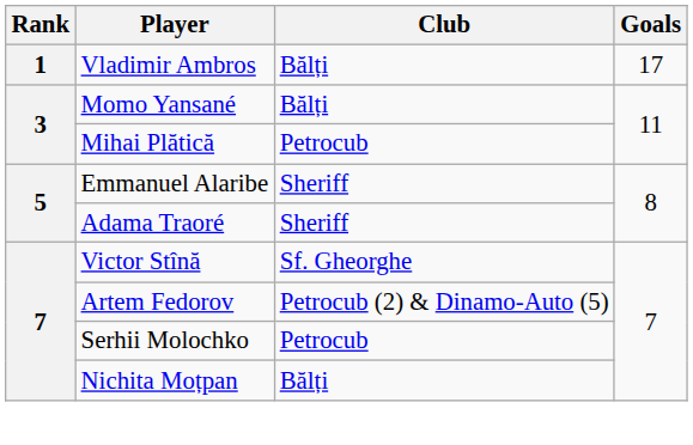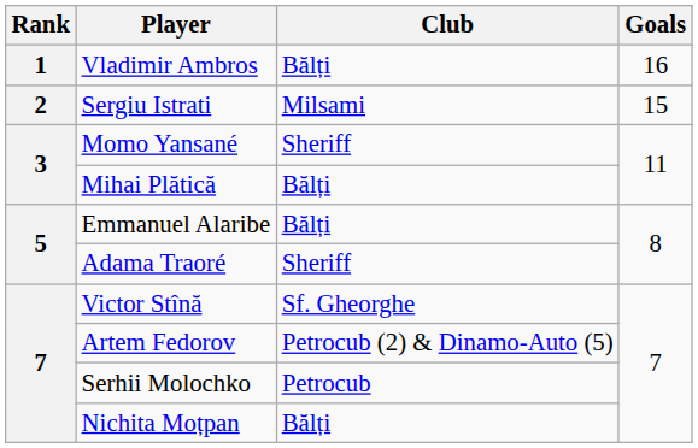 <table class="wikitable">
 <tr>
 <th>Rank</th>
 <th>Player</th>
 <th>Club</th>
 <th>Goals</th>
 </tr>
 <tr>
 <th rowspan=1 align=center>1</th>
 <td> <a href='#'>Vladimir Ambros</a></td>
 <td><a href='#'>Bălți</a></td>
-<td rowspan=1 align=center>17</td>
+<td rowspan=1 align=center>16</td>
+</tr>
+<tr>
+<th rowspan=1 align=center>2</th>
+<td> <a href='#'>Sergiu Istrati</a></td>
+<td><a href='#'>Milsami</a></td>
+<td rowspan=1 align=center>15</td>
 </tr>
 <tr>
 <th rowspan=2 align=center>3</th>
 <td> <a href='#'>Momo Yansané</a></td>
-<td><a href='#'>Bălți</a></td>
+<td><a href='#'>Sheriff</a></td>
 <td rowspan=2 align=center>11</td>
 </tr>
 <tr>
 <td> <a href='#'>Mihai Plătică</a></td>
-<td><a href='#'>Petrocub</a></td>
+<td><a href='#'>Bălți</a></td>
 </tr>
 <tr>
 <th rowspan=2 align=center>5</th>
 <td> Emmanuel Alaribe</td>
-<td><a href='#'>Sheriff</a></td>
+<td><a href='#'>Bălți</a></td>
 <td rowspan=2 align=center>8</td>
 </tr>
 <tr>
 <td> <a href='#'>Adama Traoré</a></td>
 <td><a href='#'>Sheriff</a></td>
 </tr>
 <tr>
 <th rowspan=4 align=center>7</th>
 <td> <a href='#'>Victor Stînă</a></td>
 <td><a href='#'>Sf. Gheorghe</a></td>
 <td rowspan=4 align=center>7</td>
 </tr>
 <tr>
 <td> <a href='#'>Artem Fedorov</a></td>
 <td><a href='#'>Petrocub</a> (2) & <a href='#'>Dinamo-Auto</a> (5)</td>
 </tr>
 <tr>
 <td> Serhii Molochko</td>
 <td><a href='#'>Petrocub</a></td>
 </tr>
 <tr>
 <td> <a href='#'>Nichita Moțpan</a></td>
 <td><a href='#'>Bălți</a></td>
 </tr>
 </table>
